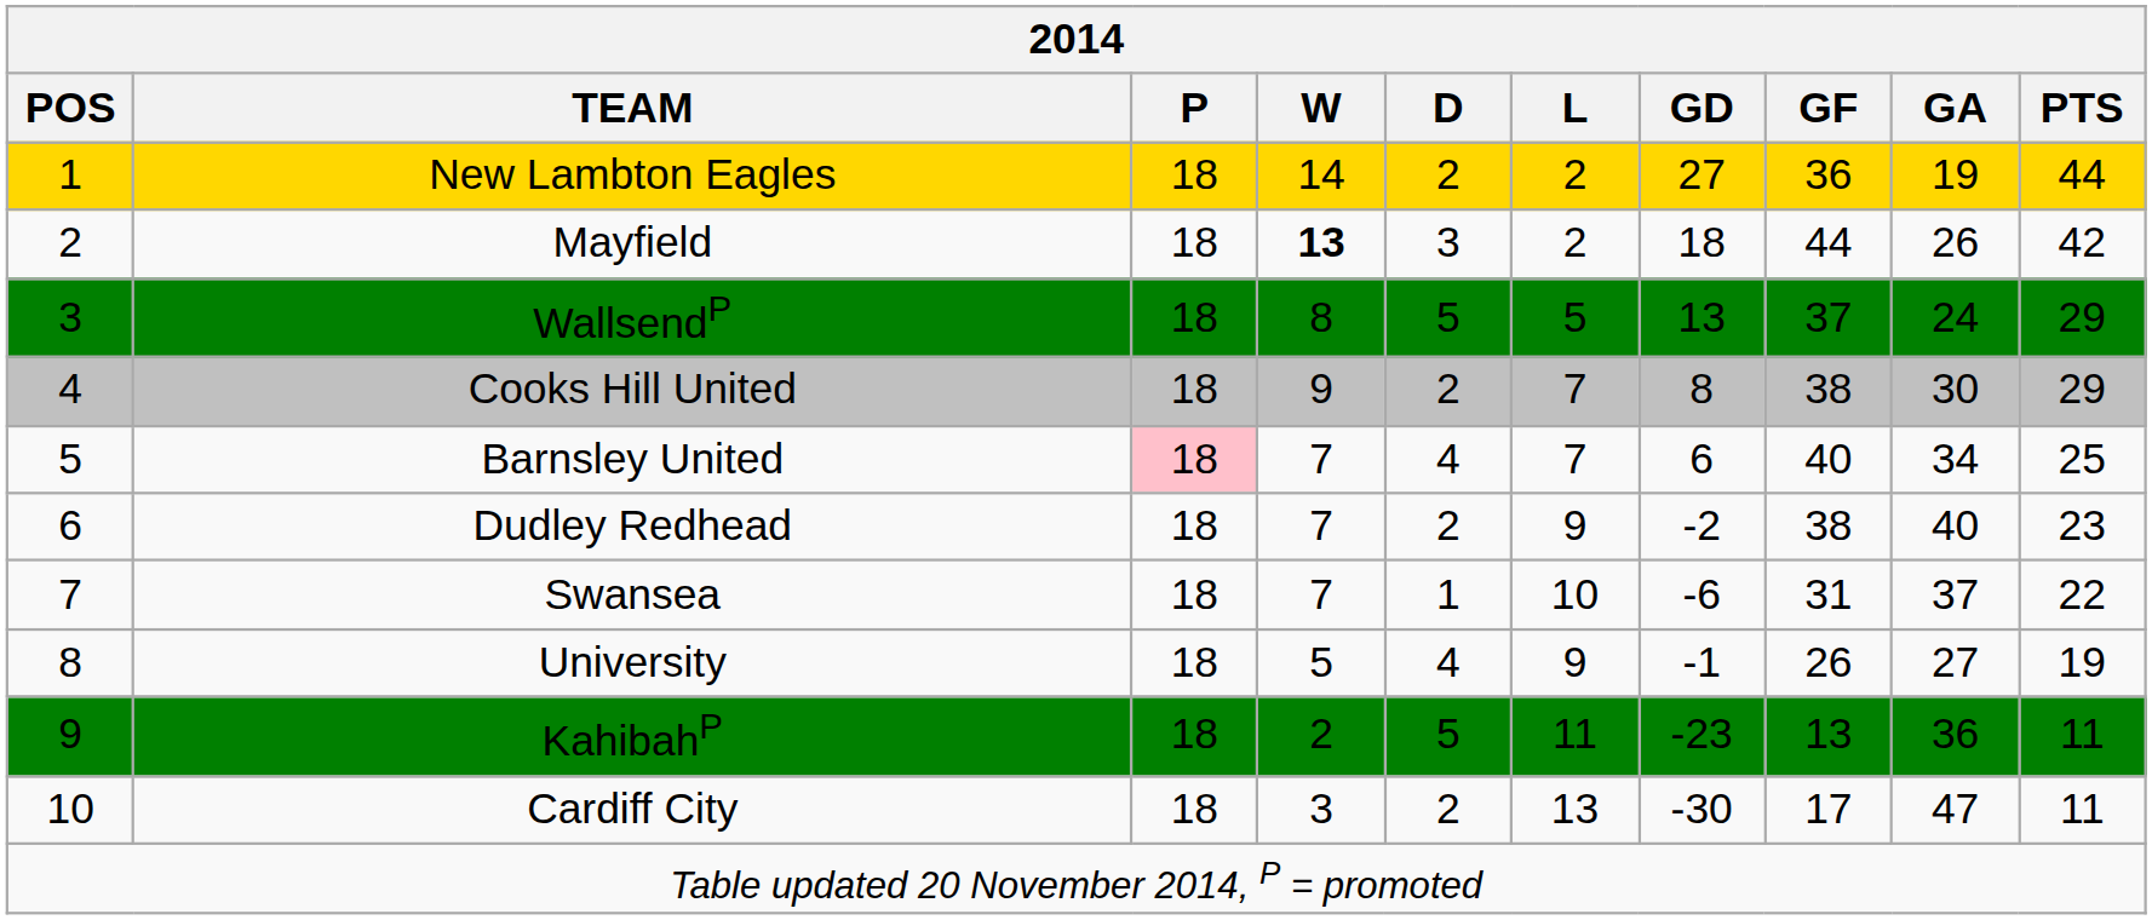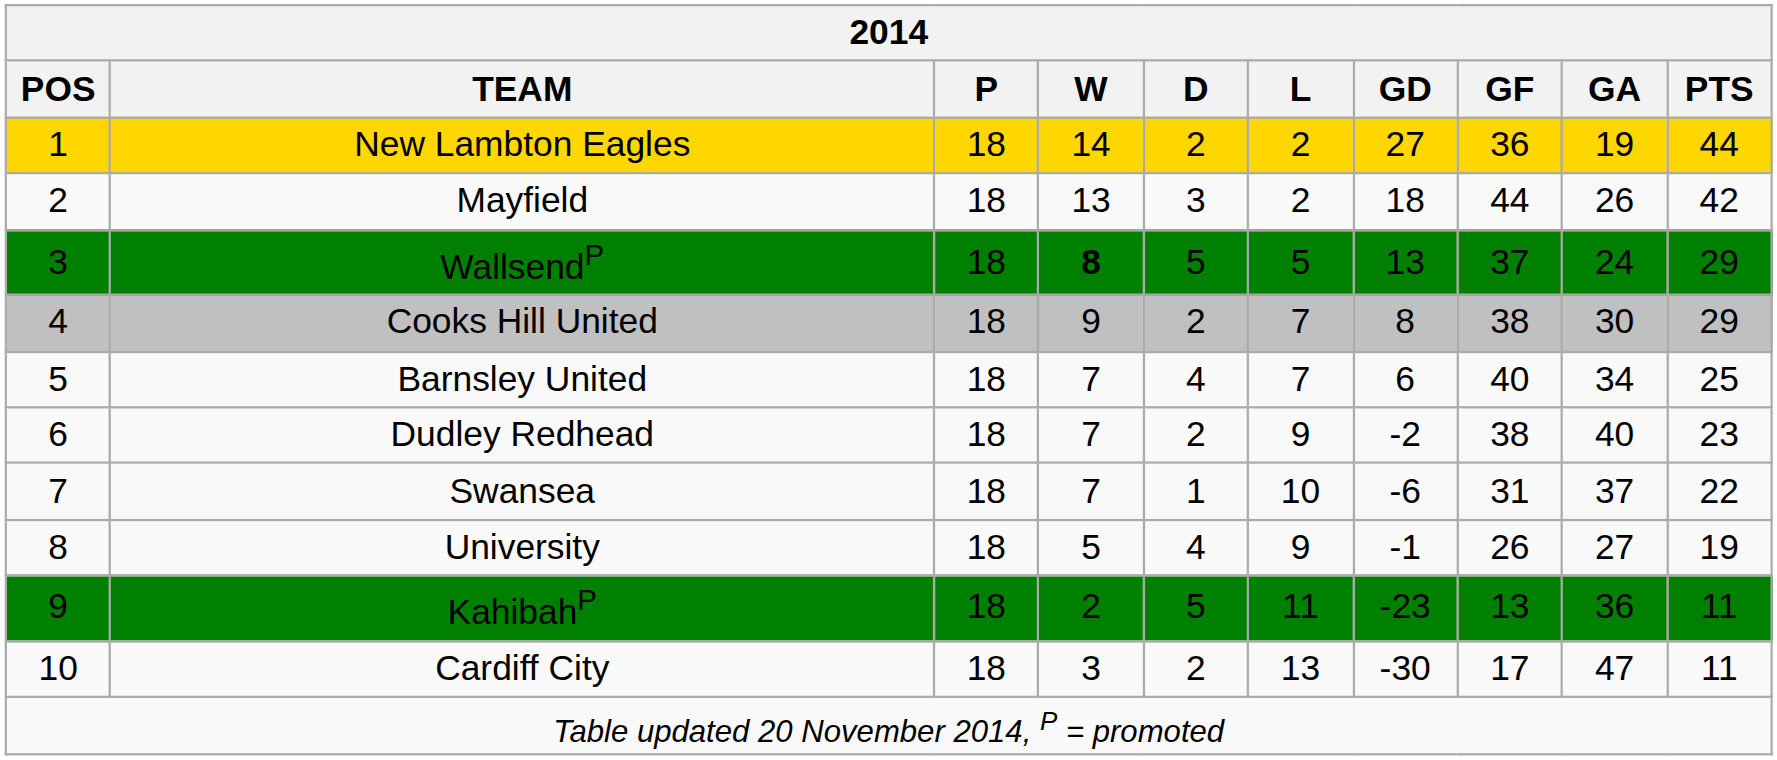 <table class="wikitable collapsible collapsed" style="text-align:center; min-width:50em; margin: 1em auto 1em auto;">
 <tr>
 <th colspan=10>2014</th>
 </tr>
 <tr>
 <th scope="col" width="40px">POS</th>
 <th scope="col">TEAM</th>
 <th scope="col" width="40px">P</th>
 <th scope="col" width="40px">W</th>
 <th scope="col" width="40px">D</th>
 <th scope="col" width="40px">L</th>
 <th scope="col" width="40px">GD</th>
 <th scope="col" width="40px">GF</th>
 <th scope="col" width="40px">GA</th>
 <th scope="col" width="40px">PTS</th>
 </tr>
 <tr style="background: gold;">
 <td>1</td>
 <td>New Lambton Eagles</td>
 <td>18</td>
 <td>14</td>
 <td>2</td>
 <td>2</td>
 <td>27</td>
 <td>36</td>
 <td>19</td>
 <td>44</td>
 </tr>
 <tr>
 <td>2</td>
 <td>Mayfield</td>
 <td>18</td>
-<td><strong>13</strong></td>
+<td>13</td>
 <td>3</td>
 <td>2</td>
 <td>18</td>
 <td>44</td>
 <td>26</td>
 <td>42</td>
 </tr>
 <tr style="background: green;">
 <td>3</td>
 <td>Wallsend<sup>P</sup></td>
 <td>18</td>
-<td>8</td>
+<td><strong>8</strong></td>
 <td>5</td>
 <td>5</td>
 <td>13</td>
 <td>37</td>
 <td>24</td>
 <td>29</td>
 </tr>
 <tr style="background: silver;">
 <td>4</td>
 <td>Cooks Hill United</td>
 <td>18</td>
 <td>9</td>
 <td>2</td>
 <td>7</td>
 <td>8</td>
 <td>38</td>
 <td>30</td>
 <td>29</td>
 </tr>
 <tr>
 <td>5</td>
 <td>Barnsley United</td>
-<td style="background: pink;">18</td>
+<td>18</td>
 <td>7</td>
 <td>4</td>
 <td>7</td>
 <td>6</td>
 <td>40</td>
 <td>34</td>
 <td>25</td>
 </tr>
 <tr>
 <td>6</td>
 <td>Dudley Redhead</td>
 <td>18</td>
 <td>7</td>
 <td>2</td>
 <td>9</td>
 <td>-2</td>
 <td>38</td>
 <td>40</td>
 <td>23</td>
 </tr>
 <tr>
 <td>7</td>
 <td>Swansea</td>
 <td>18</td>
 <td>7</td>
 <td>1</td>
 <td>10</td>
 <td>-6</td>
 <td>31</td>
 <td>37</td>
 <td>22</td>
 </tr>
 <tr>
 <td>8</td>
 <td>University</td>
 <td>18</td>
 <td>5</td>
 <td>4</td>
 <td>9</td>
 <td>-1</td>
 <td>26</td>
 <td>27</td>
 <td>19</td>
 </tr>
 <tr style="background: green;">
 <td>9</td>
 <td>Kahibah<sup>P</sup></td>
 <td>18</td>
 <td>2</td>
 <td>5</td>
 <td>11</td>
 <td>-23</td>
 <td>13</td>
 <td>36</td>
 <td>11</td>
 </tr>
 <tr>
 <td>10</td>
 <td>Cardiff City</td>
 <td>18</td>
 <td>3</td>
 <td>2</td>
 <td>13</td>
 <td>-30</td>
 <td>17</td>
 <td>47</td>
 <td>11</td>
 </tr>
 <tr>
 <td colspan=10 style="font-size:88%"><em>Table updated 20 November 2014, <sup>P</sup> = promoted</em></td>
 </tr>
 </table>
